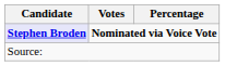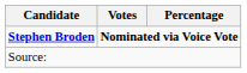 <table class="wikitable sortable tpl-blanktable" style="font-size:90%;text-align:center;">
 <tr>
 <th rowspan="2">Candidate</th>
 <th rowspan="2">Votes</th>
 <th rowspan="2">Percentage</th>
 </tr>
 <tr>
 </tr>
 <tr>
-<td style="background: lavender; text-align:left;"><strong><a href='#'>Stephen Broden</a></strong></td>
+<td style="text-align:left;"><strong><a href='#'>Stephen Broden</a></strong></td>
 <td colspan="2"><strong>Nominated via Voice Vote</strong></td>
 </tr>
 <tr>
 <td colspan="5" style="text-align:left;">Source:</td>
 </tr>
 </table>
